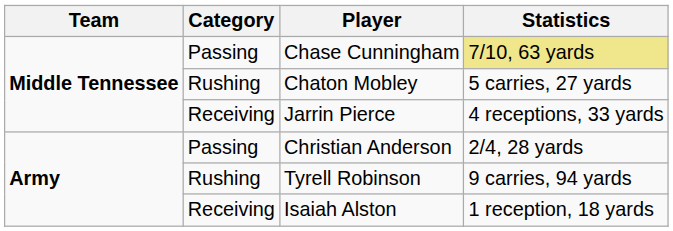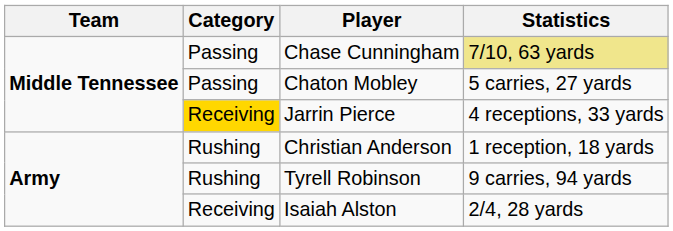 <table class="wikitable" style="float: left;">
 <tr>
 <th>Team</th>
 <th>Category</th>
 <th>Player</th>
 <th>Statistics</th>
 </tr>
 <tr>
 <td rowspan=3><strong>Middle Tennessee</strong></td>
 <td>Passing</td>
 <td>Chase Cunningham</td>
 <td style="background: khaki;">7/10, 63 yards</td>
 </tr>
 <tr>
-<td>Rushing</td>
+<td>Passing</td>
 <td>Chaton Mobley</td>
 <td>5 carries, 27 yards</td>
 </tr>
 <tr>
-<td>Receiving</td>
+<td style="background: gold;">Receiving</td>
 <td>Jarrin Pierce</td>
 <td>4 receptions, 33 yards</td>
 </tr>
 <tr>
 <td rowspan=3><strong>Army</strong></td>
-<td>Passing</td>
+<td>Rushing</td>
 <td>Christian Anderson</td>
-<td>2/4, 28 yards</td>
+<td>1 reception, 18 yards</td>
 </tr>
 <tr>
 <td>Rushing</td>
 <td>Tyrell Robinson</td>
 <td>9 carries, 94 yards</td>
 </tr>
 <tr>
 <td>Receiving</td>
 <td>Isaiah Alston</td>
-<td>1 reception, 18 yards</td>
+<td>2/4, 28 yards</td>
 </tr>
 </table>
